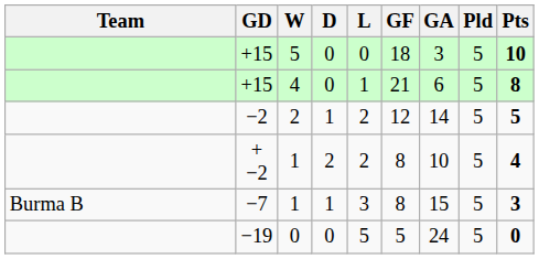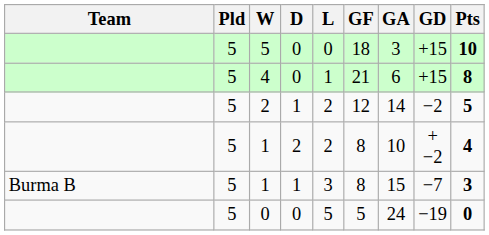 <table class="wikitable" style="text-align: center;">
 <tr>
 <th width=175>Team</th>
-<th width=20>GD</th>
+<th width=20>Pld</th>
 <th width=20>W</th>
 <th width=20>D</th>
 <th width=20>L</th>
 <th width=20>GF</th>
 <th width=20>GA</th>
-<th width=20>Pld</th>
+<th width=20>GD</th>
 <th width=20>Pts</th>
 </tr>
 <tr bgcolor=ccffcc>
 <td style="text-align:left;"></td>
-<td>+15</td>
+<td>5</td>
 <td>5</td>
 <td>0</td>
 <td>0</td>
 <td>18</td>
 <td>3</td>
-<td>5</td>
+<td>+15</td>
 <td><strong>10</strong></td>
 </tr>
 <tr bgcolor=ccffcc>
 <td style="text-align:left;"></td>
-<td>+15</td>
+<td>5</td>
 <td>4</td>
 <td>0</td>
 <td>1</td>
 <td>21</td>
 <td>6</td>
-<td>5</td>
+<td>+15</td>
 <td><strong>8</strong></td>
 </tr>
 <tr>
 <td style="text-align:left;"></td>
-<td>−2</td>
+<td>5</td>
 <td>2</td>
 <td>1</td>
 <td>2</td>
 <td>12</td>
 <td>14</td>
-<td>5</td>
+<td>−2</td>
 <td><strong>5</strong></td>
 </tr>
 <tr>
 <td style="text-align:left;"></td>
-<td>+−2</td>
+<td>5</td>
 <td>1</td>
 <td>2</td>
 <td>2</td>
 <td>8</td>
 <td>10</td>
-<td>5</td>
+<td>+−2</td>
 <td><strong>4</strong></td>
 </tr>
 <tr>
 <td style="text-align:left;"> Burma B</td>
-<td>−7</td>
+<td>5</td>
 <td>1</td>
 <td>1</td>
 <td>3</td>
 <td>8</td>
 <td>15</td>
-<td>5</td>
+<td>−7</td>
 <td><strong>3</strong></td>
 </tr>
 <tr>
 <td style="text-align:left;"></td>
-<td>−19</td>
+<td>5</td>
 <td>0</td>
 <td>0</td>
 <td>5</td>
 <td>5</td>
 <td>24</td>
-<td>5</td>
+<td>−19</td>
 <td><strong>0</strong></td>
 </tr>
 </table>
